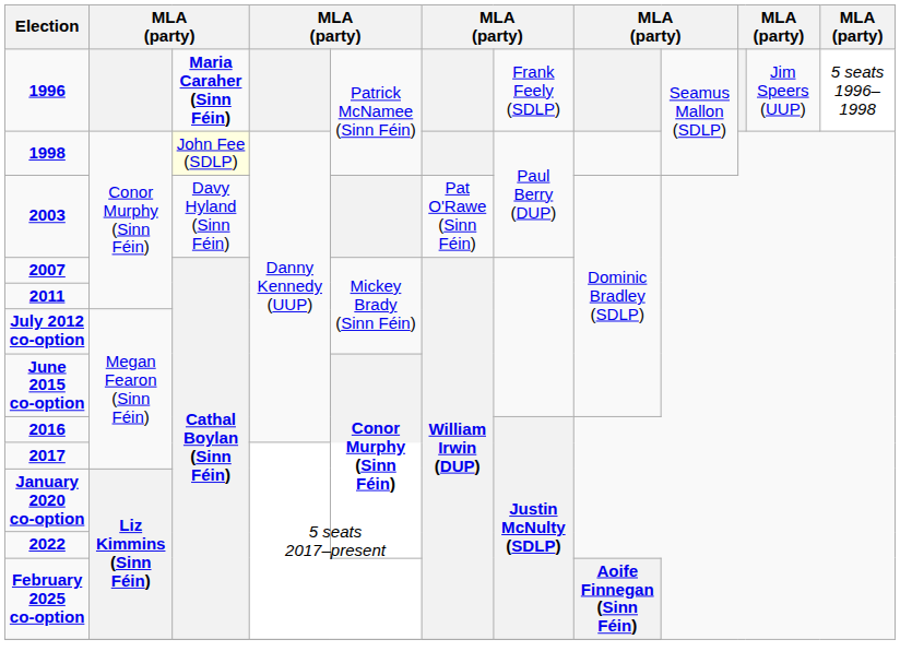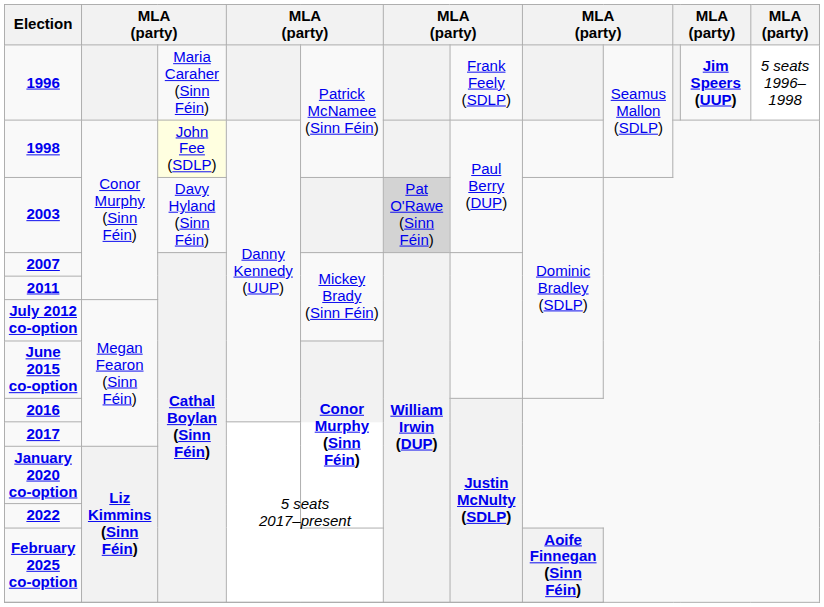 <table class="wikitable" style="text-align:center">
 <tr>
 <th>Election</th>
 <th scope="col" width="150" colspan = "2">MLA<br> (party)</th>
 <th scope="col" width="150" colspan = "2">MLA<br> (party)</th>
 <th scope="col" width="150" colspan = "2">MLA<br> (party)</th>
 <th scope="col" width="150" colspan = "2">MLA<br> (party)</th>
 <th scope="col" width="150" colspan = "2">MLA<br> (party)</th>
 <th scope="col" width="150" colspan = "2">MLA<br> (party)</th>
 </tr>
 <tr>
 <td><strong><a href='#'>1996</a></strong></td>
 <th style="background-color: "></th>
-<td><strong><a href='#'>Maria Caraher</a><br>(<a href='#'>Sinn Féin</a>)</strong></td>
+<td><a href='#'>Maria Caraher</a><br>(<a href='#'>Sinn Féin</a>)</td>
 <th style="background-color: "></th>
 <td rowspan=2><a href='#'>Patrick McNamee</a><br>(<a href='#'>Sinn Féin</a>)</td>
 <th style="background-color: "></th>
 <td><a href='#'>Frank Feely</a><br>(<a href='#'>SDLP</a>)</td>
 <th style="background-color: "></th>
 <td rowspan=2><a href='#'>Seamus Mallon</a><br>(<a href='#'>SDLP</a>)</td>
 <th style="background-color: "></th>
-<td><a href='#'>Jim Speers</a><br>(<a href='#'>UUP</a>)</td>
+<td><strong><a href='#'>Jim Speers</a><br>(<a href='#'>UUP</a>)</strong></td>
 <td style="background-color:#FFFFFF" colspan=2><em>5 seats<br>1996–1998</em></td>
 </tr>
 <tr>
 <td><strong><a href='#'>1998</a></strong></td>
 <td rowspan=4><a href='#'>Conor Murphy</a><br>(<a href='#'>Sinn Féin</a>)</td>
 <td style="background: lightyellow;"><a href='#'>John Fee</a><br>(<a href='#'>SDLP</a>)</td>
 <td rowspan=7><a href='#'>Danny Kennedy</a><br>(<a href='#'>UUP</a>)</td>
 <th style="background-color: "></th>
 <td rowspan=2><a href='#'>Paul Berry</a><br>(<a href='#'>DUP</a>)</td>
 </tr>
 <tr>
 <td><strong><a href='#'>2003</a></strong></td>
 <td><a href='#'>Davy Hyland</a><br>(<a href='#'>Sinn Féin</a>)</td>
 <th style="background-color: "></th>
-<td><a href='#'>Pat O'Rawe</a><br>(<a href='#'>Sinn Féin</a>)</td>
+<td style="background: lightgrey;"><a href='#'>Pat O'Rawe</a><br>(<a href='#'>Sinn Féin</a>)</td>
 <td rowspan=5><a href='#'>Dominic Bradley</a><br>(<a href='#'>SDLP</a>)</td>
 </tr>
 <tr>
 <td><strong><a href='#'>2007</a></strong></td>
 <th rowspan="9"><a href='#'>Cathal Boylan</a><br>(<a href='#'>Sinn Féin</a>)</th>
 <td rowspan=3><a href='#'>Mickey Brady</a><br>(<a href='#'>Sinn Féin</a>)</td>
 <th rowspan="9"><a href='#'>William Irwin</a><br>(<a href='#'>DUP</a>)</th>
 </tr>
 <tr>
 <td><strong><a href='#'>2011</a></strong></td>
 </tr>
 <tr>
 <td><strong><a href='#'>July 2012<br>co-option</a></strong></td>
 <td rowspan=4><a href='#'>Megan Fearon</a><br>(<a href='#'>Sinn Féin</a>)</td>
 </tr>
 <tr>
 <td><strong><a href='#'>June 2015<br>co-option</a></strong></td>
 <th rowspan="5"><a href='#'>Conor Murphy</a><br>(<a href='#'>Sinn Féin</a>)</th>
 </tr>
 <tr>
 <td><strong><a href='#'>2016</a></strong></td>
 <th rowspan="5"><a href='#'>Justin McNulty</a><br>(<a href='#'>SDLP</a>)</th>
 </tr>
 <tr>
 <td><strong><a href='#'>2017</a></strong></td>
 <td colspan="2" rowspan="4" style="background-color:#FFFFFF"><em>5 seats<br>2017–present</em></td>
 </tr>
 <tr>
 <td><strong><a href='#'>January 2020<br>co-option</a></strong></td>
 <th rowspan="3"><a href='#'>Liz Kimmins</a><br>(<a href='#'>Sinn Féin</a>)</th>
 </tr>
 <tr>
 <td><strong><a href='#'>2022</a></strong></td>
 </tr>
 <tr>
 <td><strong><a href='#'>February 2025<br>co-option</a></strong></td>
 <th><a href='#'>Aoife Finnegan</a><br>(<a href='#'>Sinn Féin</a>)</th>
 </tr>
 <tr>
 </tr>
 </table>
